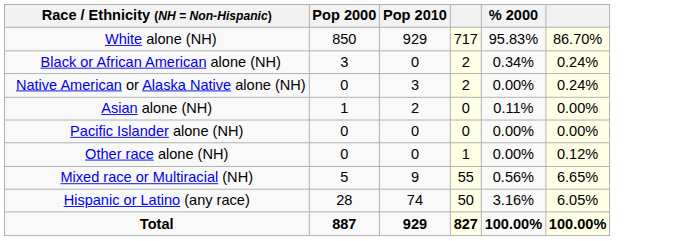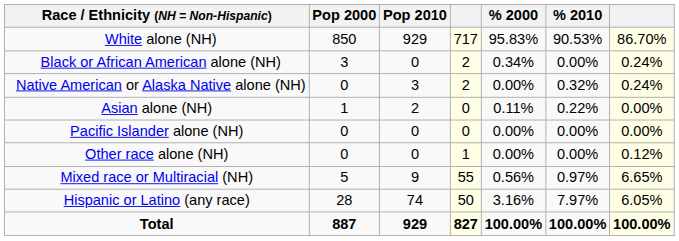 <table class="wikitable"style="text-align:center;">
 <tr>
 <th>Race / Ethnicity <small>(<em>NH = Non-Hispanic</em>)</small></th>
 <th>Pop 2000</th>
 <th>Pop 2010</th>
 <th></th>
 <th>% 2000</th>
+<th>% 2010</th>
 <th></th>
 </tr>
 <tr>
 <td>  <a href='#'>White</a> alone (NH)</td>
 <td>850</td>
 <td>929</td>
 <td style='background: #ffffe6;'>717</td>
 <td>95.83%</td>
+<td>90.53%</td>
 <td style='background: #ffffe6;'>86.70%</td>
 </tr>
 <tr>
 <td>  <a href='#'>Black or African American</a> alone (NH)</td>
 <td>3</td>
 <td>0</td>
 <td style='background: #ffffe6;'>2</td>
 <td>0.34%</td>
+<td>0.00%</td>
 <td style='background: #ffffe6;'>0.24%</td>
 </tr>
 <tr>
 <td>  <a href='#'>Native American</a> or <a href='#'>Alaska Native</a> alone (NH)</td>
 <td>0</td>
 <td>3</td>
 <td style='background: #ffffe6;'>2</td>
 <td>0.00%</td>
+<td>0.32%</td>
 <td style='background: #ffffe6;'>0.24%</td>
 </tr>
 <tr>
 <td><a href='#'>Asian</a> alone (NH)</td>
 <td>1</td>
 <td>2</td>
 <td style='background: #ffffe6;'>0</td>
 <td>0.11%</td>
+<td>0.22%</td>
 <td style='background: #ffffe6;'>0.00%</td>
 </tr>
 <tr>
 <td><a href='#'>Pacific Islander</a> alone (NH)</td>
 <td>0</td>
 <td>0</td>
 <td style='background: #ffffe6;'>0</td>
+<td>0.00%</td>
 <td>0.00%</td>
 <td style='background: #ffffe6;'>0.00%</td>
 </tr>
 <tr>
 <td><a href='#'>Other race</a> alone (NH)</td>
 <td>0</td>
 <td>0</td>
 <td style='background: #ffffe6;'>1</td>
 <td>0.00%</td>
+<td>0.00%</td>
 <td style='background: #ffffe6;'>0.12%</td>
 </tr>
 <tr>
 <td><a href='#'>Mixed race or Multiracial</a> (NH)</td>
 <td>5</td>
 <td>9</td>
 <td style='background: #ffffe6;'>55</td>
 <td>0.56%</td>
+<td>0.97%</td>
 <td style='background: #ffffe6;'>6.65%</td>
 </tr>
 <tr>
 <td><a href='#'>Hispanic or Latino</a> (any race)</td>
 <td>28</td>
 <td>74</td>
 <td style='background: #ffffe6;'>50</td>
 <td>3.16%</td>
+<td>7.97%</td>
 <td style='background: #ffffe6;'>6.05%</td>
 </tr>
 <tr>
 <td><strong>Total</strong></td>
 <td><strong>887</strong></td>
 <td><strong>929</strong></td>
 <td style='background: #ffffe6;'><strong>827</strong></td>
 <td><strong>100.00%</strong></td>
+<td><strong>100.00%</strong></td>
 <td style='background: #ffffe6;'><strong>100.00%</strong></td>
 </tr>
 </table>
